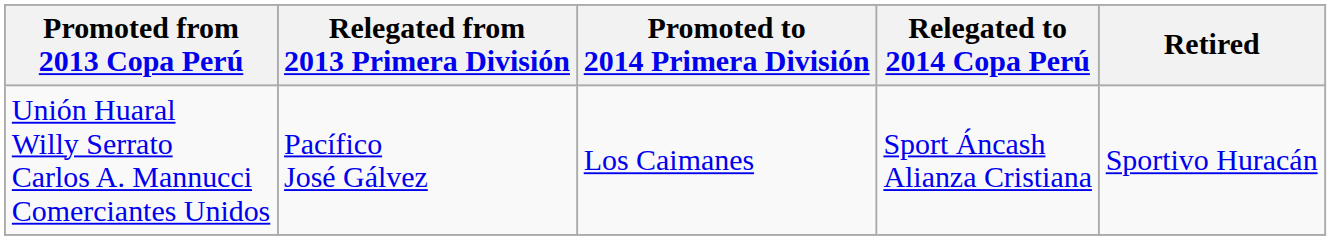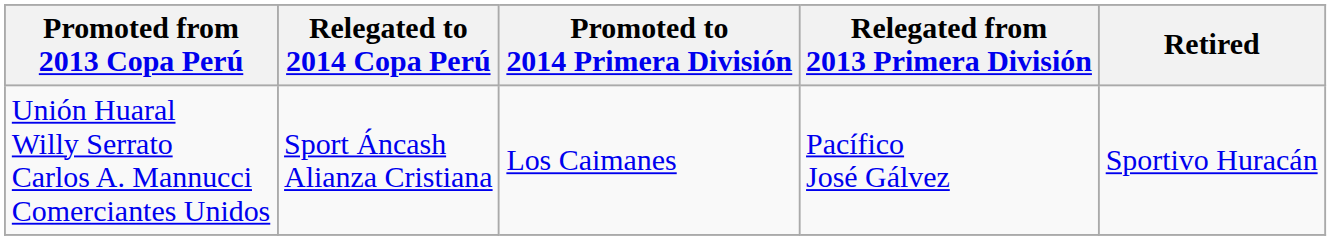 <table class="wikitable">
 <tr>
 <th>Promoted from<br><a href='#'>2013 Copa Perú</a></th>
+<th>Relegated to<br><a href='#'>2014 Copa Perú</a></th>
+<th>Promoted to<br><a href='#'>2014 Primera División</a></th>
 <th>Relegated from<br><a href='#'>2013 Primera División</a></th>
-<th>Promoted to<br><a href='#'>2014 Primera División</a></th>
-<th>Relegated to<br><a href='#'>2014 Copa Perú</a></th>
 <th>Retired</th>
 </tr>
 <tr>
 <td> <a href='#'>Unión Huaral</a> <br> <a href='#'>Willy Serrato</a> <br> <a href='#'>Carlos A. Mannucci</a> <br> <a href='#'>Comerciantes Unidos</a> </td>
+<td> <a href='#'>Sport Áncash</a> <br> <a href='#'>Alianza Cristiana</a> </td>
+<td> <a href='#'>Los Caimanes</a> </td>
 <td> <a href='#'>Pacífico</a> <br> <a href='#'>José Gálvez</a> </td>
-<td> <a href='#'>Los Caimanes</a> </td>
-<td> <a href='#'>Sport Áncash</a> <br> <a href='#'>Alianza Cristiana</a> </td>
 <td> <a href='#'>Sportivo Huracán</a> </td>
 </tr>
 </table>
